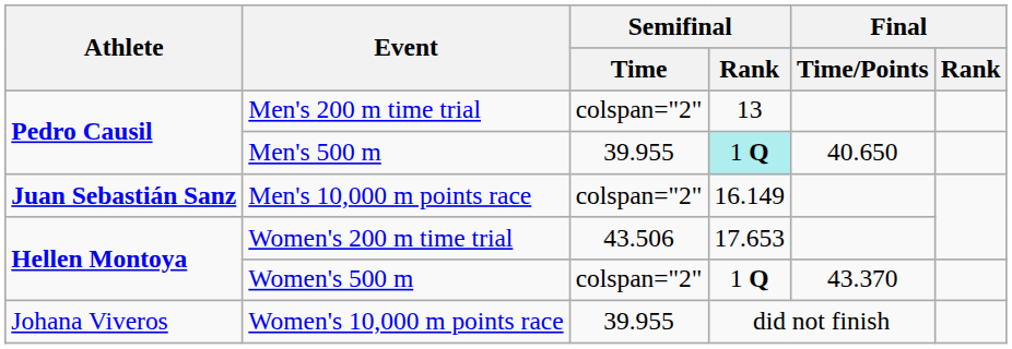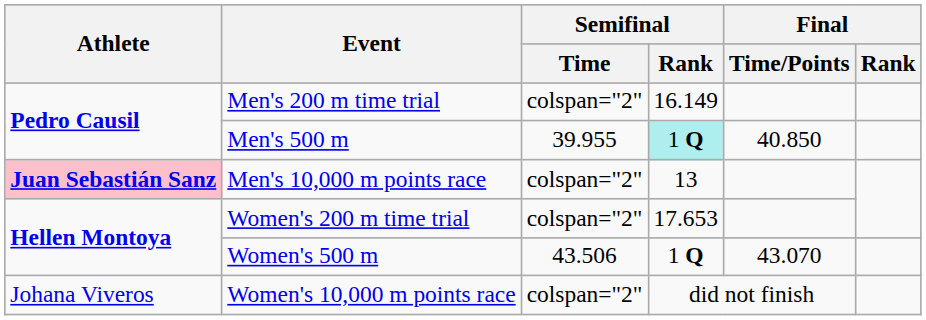 <table class="wikitable" border="1" style="font-size:90%">
 <tr>
 <th rowspan=2>Athlete</th>
 <th rowspan=2>Event</th>
 <th colspan=2>Semifinal</th>
 <th colspan=2>Final</th>
 </tr>
 <tr>
 <th>Time</th>
 <th>Rank</th>
 <th>Time/Points</th>
 <th>Rank</th>
 </tr>
 <tr align=center>
 <td rowspan="2" align=left><strong><a href='#'>Pedro Causil</a></strong></td>
 <td align=left><a href='#'>Men's 200 m time trial</a></td>
 <td>colspan="2" </td>
-<td>13</td>
+<td>16.149</td>
 <td></td>
 </tr>
 <tr align=center>
 <td align=left><a href='#'>Men's 500 m</a></td>
 <td>39.955</td>
 <td style="background: paleturquoise;">1 <strong>Q</strong></td>
-<td>40.650</td>
+<td>40.850</td>
 <td></td>
 </tr>
 <tr align=center>
-<td align=left><strong><a href='#'>Juan Sebastián Sanz</a></strong></td>
+<td align=left style="background: pink;"><strong><a href='#'>Juan Sebastián Sanz</a></strong></td>
 <td align=left><a href='#'>Men's 10,000 m points race</a></td>
 <td>colspan="2" </td>
-<td>16.149</td>
+<td>13</td>
 <td></td>
 </tr>
 <tr align=center>
 <td rowspan="2" align=left><strong><a href='#'>Hellen Montoya</a></strong></td>
 <td align=left><a href='#'>Women's 200 m time trial</a></td>
-<td>43.506</td>
+<td>colspan="2" </td>
 <td>17.653</td>
 <td></td>
 </tr>
 <tr align=center>
 <td align=left><a href='#'>Women's 500 m</a></td>
-<td>colspan="2" </td>
+<td>43.506</td>
 <td>1 <strong>Q</strong></td>
-<td>43.370</td>
+<td>43.070</td>
 <td></td>
 </tr>
 <tr align=center>
 <td align=left><a href='#'>Johana Viveros</a></td>
 <td align=left><a href='#'>Women's 10,000 m points race</a></td>
-<td>39.955</td>
+<td>colspan="2" </td>
 <td colspan="2">did not finish</td>
 </tr>
 </table>
